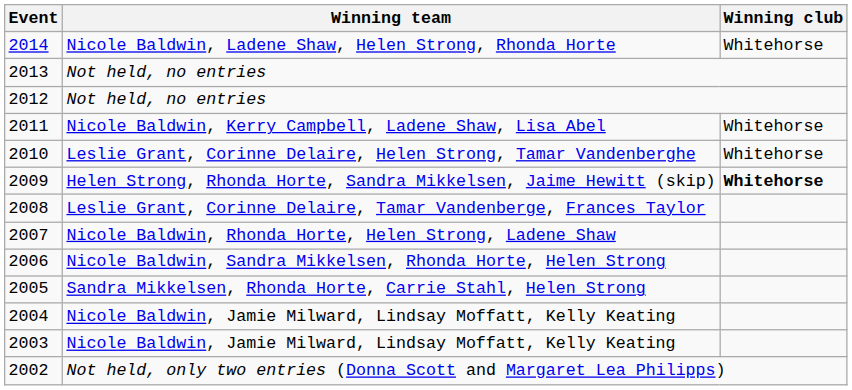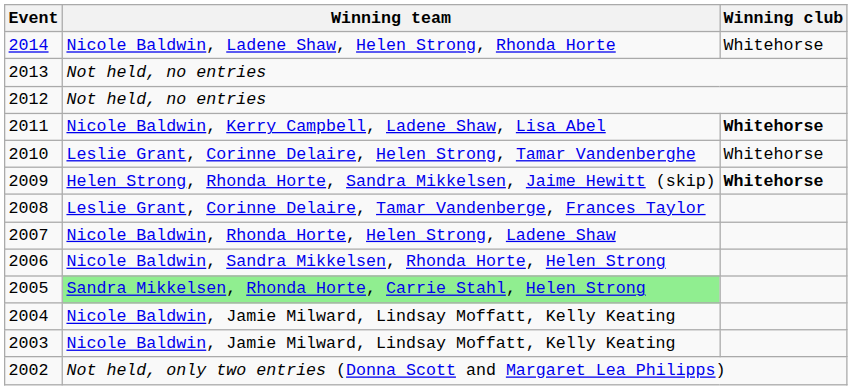 <table class="wikitable">
 <tr>
 <th scope="col">Event</th>
 <th scope="col">Winning team</th>
 <th scope="col">Winning club</th>
 </tr>
 <tr>
 <td><a href='#'>2014</a></td>
 <td><a href='#'>Nicole Baldwin</a>, <a href='#'>Ladene Shaw</a>, <a href='#'>Helen Strong</a>, <a href='#'>Rhonda Horte</a></td>
 <td>Whitehorse</td>
 </tr>
 <tr>
 <td>2013</td>
 <td colspan="2"><em>Not held, no entries</em></td>
 </tr>
 <tr>
 <td>2012</td>
 <td colspan="2"><em>Not held, no entries</em></td>
 </tr>
 <tr>
 <td>2011</td>
 <td><a href='#'>Nicole Baldwin</a>, <a href='#'>Kerry Campbell</a>, <a href='#'>Ladene Shaw</a>, <a href='#'>Lisa Abel</a></td>
-<td>Whitehorse</td>
+<td><strong>Whitehorse</strong></td>
 </tr>
 <tr>
 <td>2010</td>
 <td><a href='#'>Leslie Grant</a>, <a href='#'>Corinne Delaire</a>, <a href='#'>Helen Strong</a>, <a href='#'>Tamar Vandenberghe</a></td>
 <td>Whitehorse</td>
 </tr>
 <tr>
 <td>2009</td>
 <td><a href='#'>Helen Strong</a>, <a href='#'>Rhonda Horte</a>, <a href='#'>Sandra Mikkelsen</a>, <a href='#'>Jaime Hewitt</a> (skip)</td>
 <td><strong>Whitehorse</strong></td>
 </tr>
 <tr>
 <td>2008</td>
 <td><a href='#'>Leslie Grant</a>, <a href='#'>Corinne Delaire</a>, <a href='#'>Tamar Vandenberge</a>, <a href='#'>Frances Taylor</a></td>
 <td></td>
 </tr>
 <tr>
 <td>2007</td>
 <td><a href='#'>Nicole Baldwin</a>, <a href='#'>Rhonda Horte</a>, <a href='#'>Helen Strong</a>, <a href='#'>Ladene Shaw</a></td>
 <td></td>
 </tr>
 <tr>
 <td>2006</td>
 <td><a href='#'>Nicole Baldwin</a>, <a href='#'>Sandra Mikkelsen</a>, <a href='#'>Rhonda Horte</a>, <a href='#'>Helen Strong</a></td>
 <td></td>
 </tr>
 <tr>
 <td>2005</td>
-<td><a href='#'>Sandra Mikkelsen</a>, <a href='#'>Rhonda Horte</a>, <a href='#'>Carrie Stahl</a>, <a href='#'>Helen Strong</a></td>
+<td style="background: lightgreen;"><a href='#'>Sandra Mikkelsen</a>, <a href='#'>Rhonda Horte</a>, <a href='#'>Carrie Stahl</a>, <a href='#'>Helen Strong</a></td>
 <td></td>
 </tr>
 <tr>
 <td>2004</td>
 <td><a href='#'>Nicole Baldwin</a>, Jamie Milward, Lindsay Moffatt, Kelly Keating</td>
 <td></td>
 </tr>
 <tr>
 <td>2003</td>
 <td><a href='#'>Nicole Baldwin</a>, Jamie Milward, Lindsay Moffatt, Kelly Keating</td>
 <td></td>
 </tr>
 <tr>
 <td>2002</td>
 <td colspan="2"><em>Not held, only two entries</em> (<a href='#'>Donna Scott</a> and <a href='#'>Margaret Lea Philipps</a>)</td>
 </tr>
 </table>
